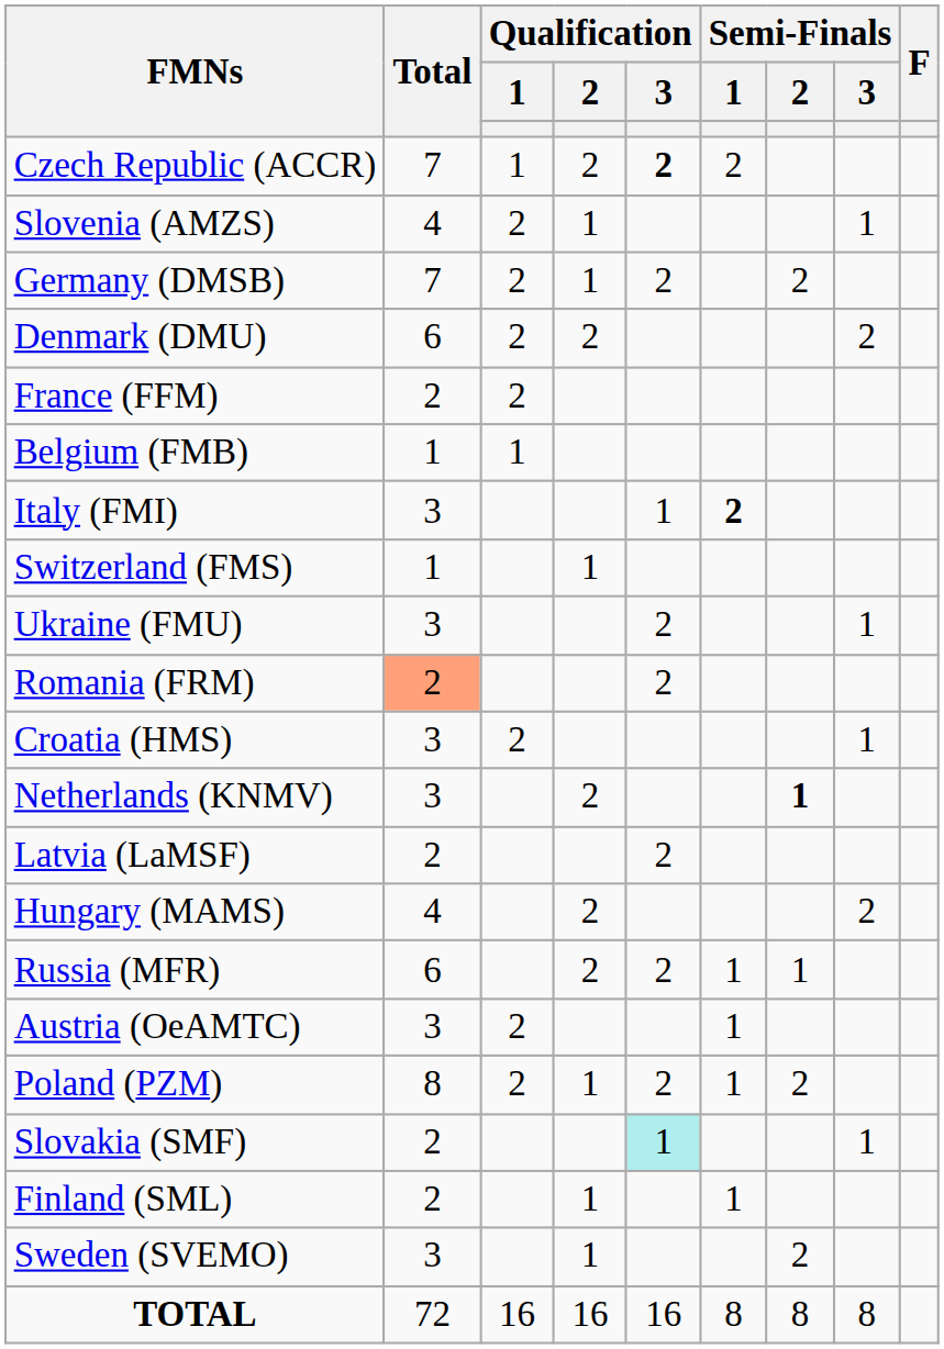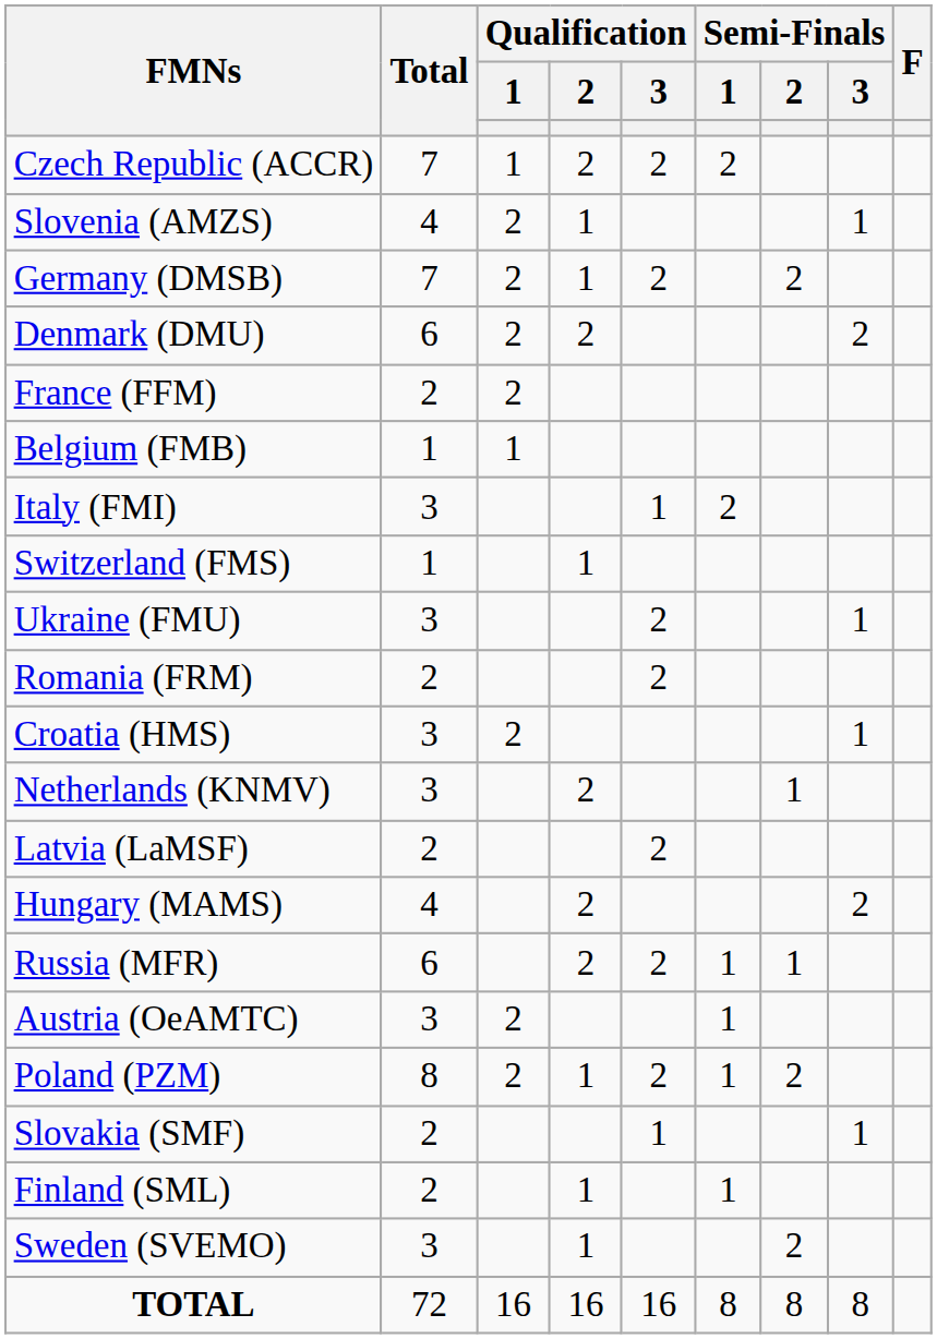 <table class=wikitable>
 <tr>
 <th rowspan=3>FMNs</th>
 <th rowspan=3>Total</th>
 <th colspan=3>Qualification</th>
 <th colspan=3>Semi-Finals</th>
 <th rowspan=2>F</th>
 </tr>
 <tr>
 <th>1</th>
 <th>2</th>
 <th>3</th>
 <th>1</th>
 <th>2</th>
 <th>3</th>
 </tr>
 <tr>
 <th></th>
 <th></th>
 <th></th>
 <th></th>
 <th></th>
 <th></th>
 <th></th>
 </tr>
 <tr align=center>
 <td align=left> <a href='#'>Czech Republic</a> (ACCR)</td>
 <td>7</td>
 <td>1</td>
 <td>2</td>
-<td><strong>2</strong></td>
+<td>2</td>
 <td>2</td>
 <td></td>
 <td></td>
 <td></td>
 </tr>
 <tr align=center>
 <td align=left> <a href='#'>Slovenia</a> (AMZS)</td>
 <td>4</td>
 <td>2</td>
 <td>1</td>
 <td></td>
 <td></td>
 <td></td>
 <td>1</td>
 <td></td>
 </tr>
 <tr align=center>
 <td align=left> <a href='#'>Germany</a> (DMSB)</td>
 <td>7</td>
 <td>2</td>
 <td>1</td>
 <td>2</td>
 <td></td>
 <td>2</td>
 <td></td>
 <td></td>
 </tr>
 <tr align=center>
 <td align=left> <a href='#'>Denmark</a> (DMU)</td>
 <td>6</td>
 <td>2</td>
 <td>2</td>
 <td></td>
 <td></td>
 <td></td>
 <td>2</td>
 <td></td>
 </tr>
 <tr align=center>
 <td align=left> <a href='#'>France</a> (FFM)</td>
 <td>2</td>
 <td>2</td>
 <td></td>
 <td></td>
 <td></td>
 <td></td>
 <td></td>
 <td></td>
 </tr>
 <tr align=center>
 <td align=left> <a href='#'>Belgium</a> (FMB)</td>
 <td>1</td>
 <td>1</td>
 <td></td>
 <td></td>
 <td></td>
 <td></td>
 <td></td>
 <td></td>
 </tr>
 <tr align=center>
 <td align=left> <a href='#'>Italy</a> (FMI)</td>
 <td>3</td>
 <td></td>
 <td></td>
 <td>1</td>
-<td><strong>2</strong></td>
+<td>2</td>
 <td></td>
 <td></td>
 <td></td>
 </tr>
 <tr align=center>
 <td align=left> <a href='#'>Switzerland</a> (FMS)</td>
 <td>1</td>
 <td></td>
 <td>1</td>
 <td></td>
 <td></td>
 <td></td>
 <td></td>
 <td></td>
 </tr>
 <tr align=center>
 <td align=left> <a href='#'>Ukraine</a> (FMU)</td>
 <td>3</td>
 <td></td>
 <td></td>
 <td>2</td>
 <td></td>
 <td></td>
 <td>1</td>
 <td></td>
 </tr>
 <tr align=center>
 <td align=left> <a href='#'>Romania</a> (FRM)</td>
-<td style="background: lightsalmon;">2</td>
+<td>2</td>
 <td></td>
 <td></td>
 <td>2</td>
 <td></td>
 <td></td>
 <td></td>
 <td></td>
 </tr>
 <tr align=center>
 <td align=left> <a href='#'>Croatia</a> (HMS)</td>
 <td>3</td>
 <td>2</td>
 <td></td>
 <td></td>
 <td></td>
 <td></td>
 <td>1</td>
 <td></td>
 </tr>
 <tr align=center>
 <td align=left> <a href='#'>Netherlands</a> (KNMV)</td>
 <td>3</td>
 <td></td>
 <td>2</td>
 <td></td>
 <td></td>
-<td><strong>1</strong></td>
+<td>1</td>
 <td></td>
 <td></td>
 </tr>
 <tr align=center>
 <td align=left> <a href='#'>Latvia</a> (LaMSF)</td>
 <td>2</td>
 <td></td>
 <td></td>
 <td>2</td>
 <td></td>
 <td></td>
 <td></td>
 <td></td>
 </tr>
 <tr align=center>
 <td align=left> <a href='#'>Hungary</a> (MAMS)</td>
 <td>4</td>
 <td></td>
 <td>2</td>
 <td></td>
 <td></td>
 <td></td>
 <td>2</td>
 <td></td>
 </tr>
 <tr align=center>
 <td align=left> <a href='#'>Russia</a> (MFR)</td>
 <td>6</td>
 <td></td>
 <td>2</td>
 <td>2</td>
 <td>1</td>
 <td>1</td>
 <td></td>
 <td></td>
 </tr>
 <tr align=center>
 <td align=left> <a href='#'>Austria</a> (OeAMTC)</td>
 <td>3</td>
 <td>2</td>
 <td></td>
 <td></td>
 <td>1</td>
 <td></td>
 <td></td>
 <td></td>
 </tr>
 <tr align=center>
 <td align=left> <a href='#'>Poland</a> (<a href='#'>PZM</a>)</td>
 <td>8</td>
 <td>2</td>
 <td>1</td>
 <td>2</td>
 <td>1</td>
 <td>2</td>
 <td></td>
 <td></td>
 </tr>
 <tr align=center>
 <td align=left> <a href='#'>Slovakia</a> (SMF)</td>
 <td>2</td>
 <td></td>
 <td></td>
-<td style="background: paleturquoise;">1</td>
+<td>1</td>
 <td></td>
 <td></td>
 <td>1</td>
 <td></td>
 </tr>
 <tr align=center>
 <td align=left> <a href='#'>Finland</a> (SML)</td>
 <td>2</td>
 <td></td>
 <td>1</td>
 <td></td>
 <td>1</td>
 <td></td>
 <td></td>
 <td></td>
 </tr>
 <tr align=center>
 <td align=left> <a href='#'>Sweden</a> (SVEMO)</td>
 <td>3</td>
 <td></td>
 <td>1</td>
 <td></td>
 <td></td>
 <td>2</td>
 <td></td>
 <td></td>
 </tr>
 <tr align=center >
 <td><strong>TOTAL</strong></td>
 <td>72</td>
 <td>16</td>
 <td>16</td>
 <td>16</td>
 <td>8</td>
 <td>8</td>
 <td>8</td>
 <td></td>
 </tr>
 </table>
